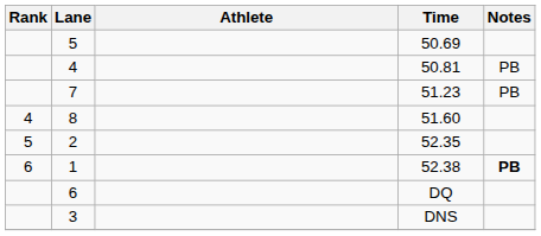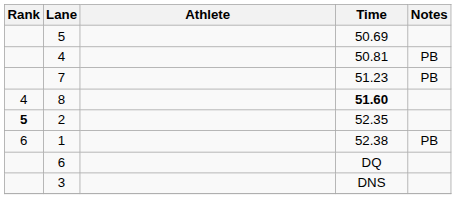 <table class="wikitable" style="text-align:center">
 <tr>
 <th>Rank</th>
 <th>Lane</th>
 <th width=300>Athlete</th>
 <th width=80>Time</th>
 <th>Notes</th>
 </tr>
 <tr>
 <td></td>
 <td>5</td>
 <td align=left></td>
 <td>50.69</td>
 <td></td>
 </tr>
 <tr>
 <td></td>
 <td>4</td>
 <td align=left></td>
 <td>50.81</td>
 <td>PB</td>
 </tr>
 <tr>
 <td></td>
 <td>7</td>
 <td align=left></td>
 <td>51.23</td>
 <td>PB</td>
 </tr>
 <tr>
 <td>4</td>
 <td>8</td>
 <td align=left></td>
-<td>51.60</td>
+<td><strong>51.60</strong></td>
 <td></td>
 </tr>
 <tr>
-<td>5</td>
+<td><strong>5</strong></td>
 <td>2</td>
 <td align=left></td>
 <td>52.35</td>
 <td></td>
 </tr>
 <tr>
 <td>6</td>
 <td>1</td>
 <td align=left></td>
 <td>52.38</td>
-<td><strong>PB</strong></td>
+<td>PB</td>
 </tr>
 <tr>
 <td></td>
 <td>6</td>
 <td align=left></td>
 <td>DQ</td>
 <td></td>
 </tr>
 <tr>
 <td></td>
 <td>3</td>
 <td align=left></td>
 <td>DNS</td>
 <td></td>
 </tr>
 <tr>
 </tr>
 </table>
